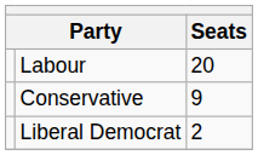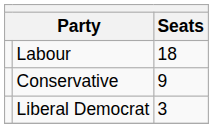 <table class="wikitable">
 <tr>
 <th colspan="3"></th>
 </tr>
 <tr>
 <th colspan="2">Party</th>
 <th>Seats</th>
 </tr>
 <tr>
 <td style="color:inherit;background:"></td>
 <td>Labour</td>
-<td>20</td>
+<td>18</td>
 </tr>
 <tr>
 <td style="color:inherit;background:"></td>
 <td>Conservative</td>
 <td>9</td>
 </tr>
 <tr>
 <td style="color:inherit;background:"></td>
 <td>Liberal Democrat</td>
-<td>2</td>
+<td>3</td>
 </tr>
 <tr>
 </tr>
 </table>
